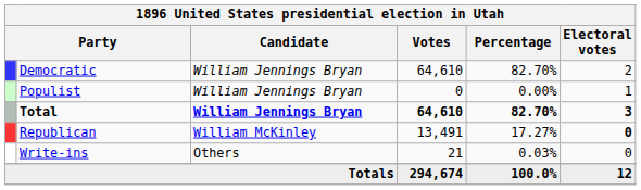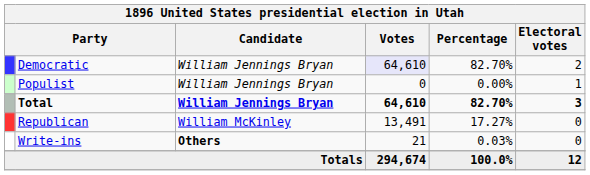 <table class="wikitable" style="font-size: 95%;">
 <tr>
 <th colspan="6">1896 United States presidential election in Utah</th>
 </tr>
 <tr>
 <th colspan="2" style="width: 15em">Party</th>
 <th style="width: 17em">Candidate</th>
 <th style="width: 5em">Votes</th>
 <th style="width: 7em">Percentage</th>
 <th style="width: 5em">Electoral votes</th>
 </tr>
 <tr>
 <th style="background-color:#3333FF; width: 3px"></th>
 <td style="width: 130px"><a href='#'>Democratic</a></td>
 <td><em>William Jennings Bryan</em></td>
-<td align="right">64,610</td>
+<td align="right" style="background: lavender;">64,610</td>
 <td align="right">82.70%</td>
 <td align="right">2</td>
 </tr>
 <tr>
 <th style="background-color:#CCFFCC; width: 3px"></th>
 <td style="width: 130px"><a href='#'>Populist</a></td>
 <td><em>William Jennings Bryan</em></td>
 <td align="right">0</td>
 <td align="right">0.00%</td>
 <td align="right">1</td>
 </tr>
 <tr>
 <th style="background-color:#B2BEB5; width: 3px"></th>
 <td style="width: 130px"><strong> Total</strong></td>
 <td><strong><a href='#'>William Jennings Bryan</a></strong></td>
 <td align="right"><strong>64,610</strong></td>
 <td align="right"><strong>82.70%</strong></td>
 <td align="right"><strong>3</strong></td>
 </tr>
 <tr>
 <th style="background-color:#FF3333; width: 3px"></th>
 <td style="width: 130px"><a href='#'>Republican</a></td>
 <td><a href='#'>William McKinley</a></td>
 <td align="right">13,491</td>
 <td align="right">17.27%</td>
-<td align="right"><strong>0</strong></td>
+<td align="right">0</td>
 </tr>
 <tr>
 <th style="background-color:#FFFFFF; width: 3px"></th>
 <td style="width: 130px"><a href='#'>Write-ins</a></td>
-<td>Others</td>
+<td><strong>Others</strong></td>
 <td align="right">21</td>
 <td align="right">0.03%</td>
 <td align="right">0</td>
 </tr>
 <tr>
 </tr>
 <tr bgcolor="#EEEEEE">
 <td colspan="3" align="right"><strong>Totals</strong></td>
 <td align="right"><strong>294,674</strong></td>
 <td align="right"><strong>100.0%</strong></td>
 <td align="right"><strong>12</strong></td>
 </tr>
 <tr>
 </tr>
 </table>
